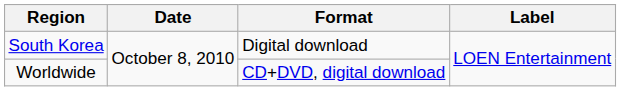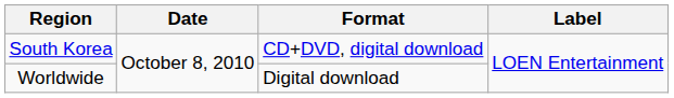 <table class="wikitable">
 <tr>
 <th style="text-align:center;">Region</th>
 <th style="text-align:center;">Date</th>
 <th style="text-align:center;">Format</th>
 <th style="text-align:center;">Label</th>
 </tr>
 <tr>
 <td style="text-align:center;"><a href='#'>South Korea</a></td>
 <td style="text-align:center;" rowspan="2">October 8, 2010</td>
-<td>Digital download</td>
+<td><a href='#'>CD</a>+<a href='#'>DVD</a>, <a href='#'>digital download</a></td>
 <td rowspan="2"><a href='#'>LOEN Entertainment</a></td>
 </tr>
 <tr>
 <td style="text-align:center;">Worldwide</td>
-<td><a href='#'>CD</a>+<a href='#'>DVD</a>, <a href='#'>digital download</a></td>
+<td>Digital download</td>
 </tr>
 </table>
